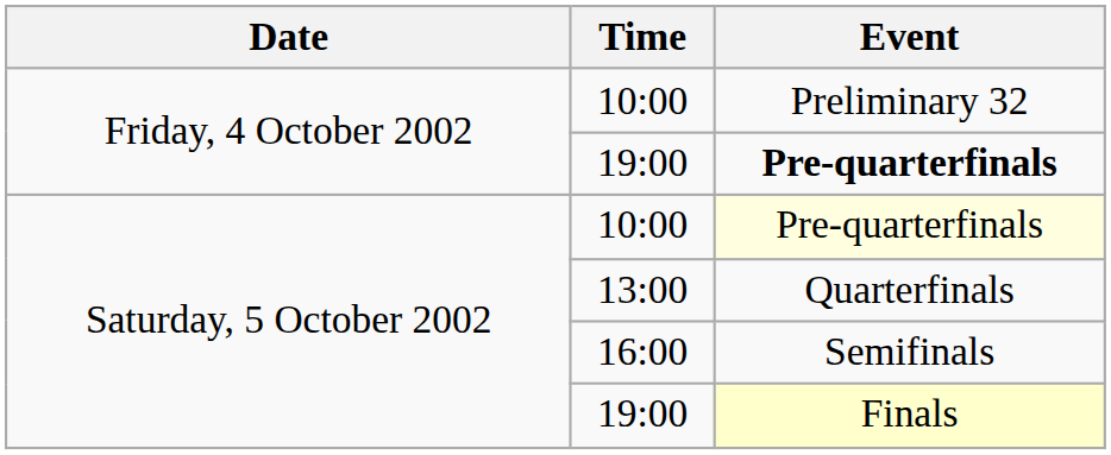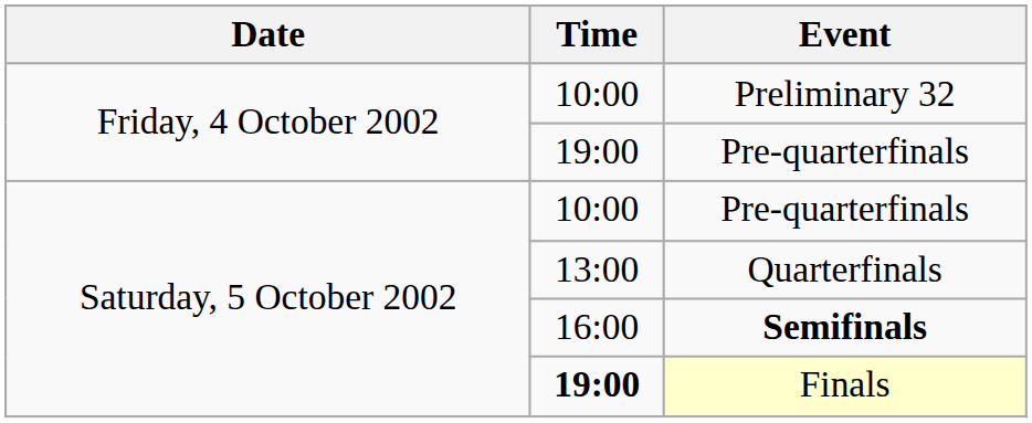 <table class = "wikitable" style="text-align:center;">
 <tr>
 <th width=220>Date</th>
 <th width=50>Time</th>
 <th width=150>Event</th>
 </tr>
 <tr>
 <td rowspan=2>Friday, 4 October 2002</td>
 <td>10:00</td>
 <td>Preliminary 32</td>
 </tr>
 <tr>
 <td>19:00</td>
-<td><strong>Pre-quarterfinals</strong></td>
+<td>Pre-quarterfinals</td>
 </tr>
 <tr>
 <td rowspan=4>Saturday, 5 October 2002</td>
 <td>10:00</td>
-<td style="background: lightyellow;">Pre-quarterfinals</td>
+<td>Pre-quarterfinals</td>
 </tr>
 <tr>
 <td>13:00</td>
 <td>Quarterfinals</td>
 </tr>
 <tr>
 <td>16:00</td>
-<td>Semifinals</td>
+<td><strong>Semifinals</strong></td>
 </tr>
 <tr>
-<td>19:00</td>
+<td><strong>19:00</strong></td>
 <td bgcolor=ffffcc>Finals</td>
 </tr>
 </table>
